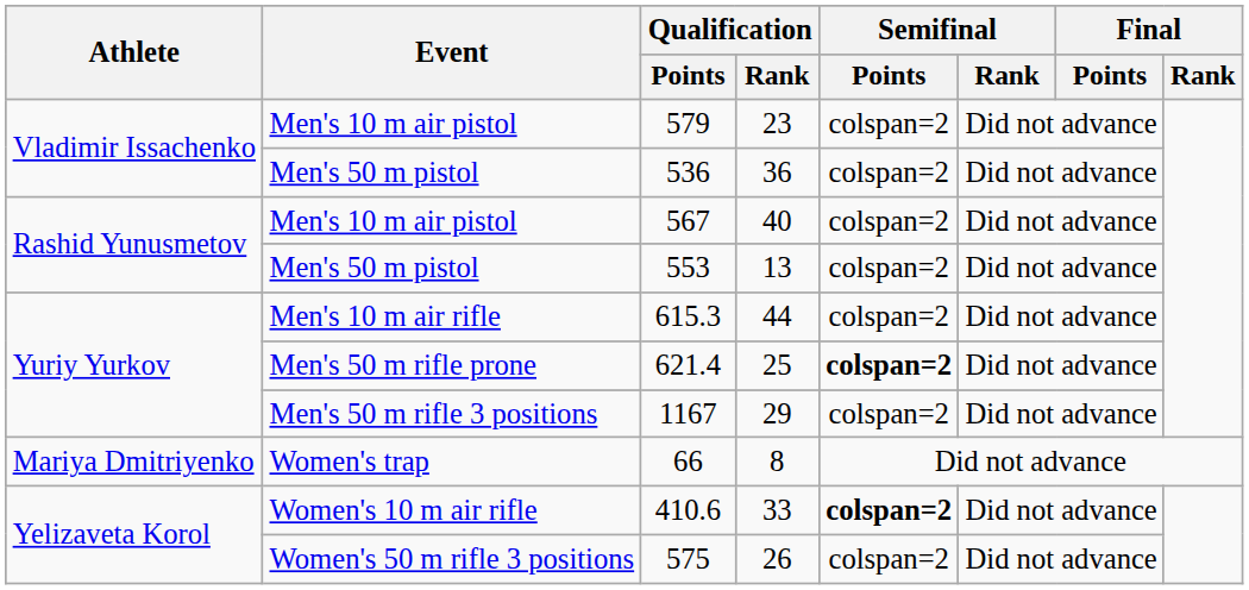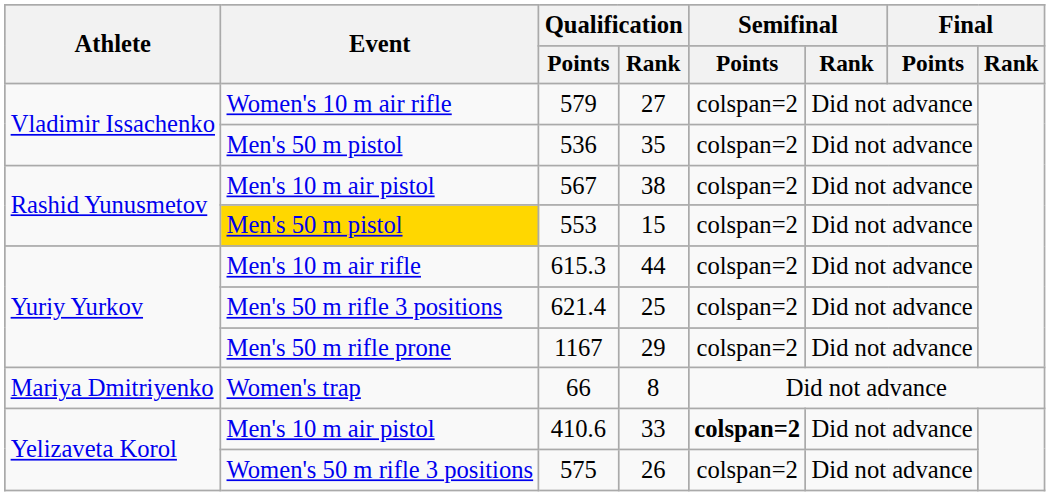 <table class="wikitable" style="font-size:90%">
 <tr>
 <th rowspan="2">Athlete</th>
 <th rowspan="2">Event</th>
 <th colspan=2>Qualification</th>
 <th colspan=2>Semifinal</th>
 <th colspan=2>Final</th>
 </tr>
 <tr style="font-size:95%">
 <th>Points</th>
 <th>Rank</th>
 <th>Points</th>
 <th>Rank</th>
 <th>Points</th>
 <th>Rank</th>
 </tr>
 <tr align=center>
 <td align=left rowspan=2><a href='#'>Vladimir Issachenko</a></td>
-<td align=left><a href='#'>Men's 10 m air pistol</a></td>
+<td align=left><a href='#'>Women's 10 m air rifle</a></td>
 <td>579</td>
-<td>23</td>
+<td>27</td>
 <td>colspan=2 </td>
 <td colspan=2>Did not advance</td>
 </tr>
 <tr align=center>
 <td align=left><a href='#'>Men's 50 m pistol</a></td>
 <td>536</td>
-<td>36</td>
+<td>35</td>
 <td>colspan=2 </td>
 <td colspan=2>Did not advance</td>
 </tr>
 <tr align=center>
 <td align=left rowspan=2><a href='#'>Rashid Yunusmetov</a></td>
 <td align=left><a href='#'>Men's 10 m air pistol</a></td>
 <td>567</td>
-<td>40</td>
+<td>38</td>
 <td>colspan=2 </td>
 <td colspan=2>Did not advance</td>
 </tr>
 <tr align=center>
-<td align=left><a href='#'>Men's 50 m pistol</a></td>
+<td align=left style="background: gold;"><a href='#'>Men's 50 m pistol</a></td>
 <td>553</td>
-<td>13</td>
+<td>15</td>
 <td>colspan=2 </td>
 <td colspan=2>Did not advance</td>
 </tr>
 <tr align=center>
 <td align=left rowspan=3><a href='#'>Yuriy Yurkov</a></td>
 <td align=left><a href='#'>Men's 10 m air rifle</a></td>
 <td>615.3</td>
 <td>44</td>
 <td>colspan=2 </td>
 <td colspan=2>Did not advance</td>
 </tr>
 <tr align=center>
-<td align=left><a href='#'>Men's 50 m rifle prone</a></td>
+<td align=left><a href='#'>Men's 50 m rifle 3 positions</a></td>
 <td>621.4</td>
 <td>25</td>
-<td><strong>colspan=2 </strong></td>
+<td>colspan=2 </td>
 <td colspan=2>Did not advance</td>
 </tr>
 <tr align=center>
-<td align=left><a href='#'>Men's 50 m rifle 3 positions</a></td>
+<td align=left><a href='#'>Men's 50 m rifle prone</a></td>
 <td>1167</td>
 <td>29</td>
 <td>colspan=2 </td>
 <td colspan=2>Did not advance</td>
 </tr>
 <tr align=center>
 <td align=left><a href='#'>Mariya Dmitriyenko</a></td>
 <td align=left><a href='#'>Women's trap</a></td>
 <td>66</td>
 <td>8</td>
 <td colspan=4>Did not advance</td>
 </tr>
 <tr align=center>
 <td align=left rowspan=2><a href='#'>Yelizaveta Korol</a></td>
-<td align=left><a href='#'>Women's 10 m air rifle</a></td>
+<td align=left><a href='#'>Men's 10 m air pistol</a></td>
 <td>410.6</td>
 <td>33</td>
 <td><strong>colspan=2 </strong></td>
 <td colspan=2>Did not advance</td>
 </tr>
 <tr align=center>
 <td align=left><a href='#'>Women's 50 m rifle 3 positions</a></td>
 <td>575</td>
 <td>26</td>
 <td>colspan=2 </td>
 <td colspan=2>Did not advance</td>
 </tr>
 </table>
